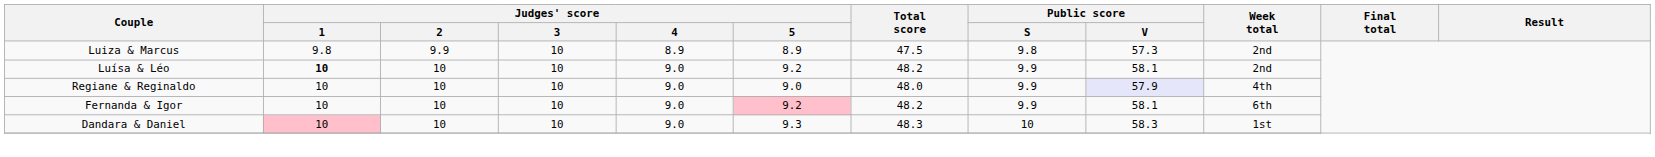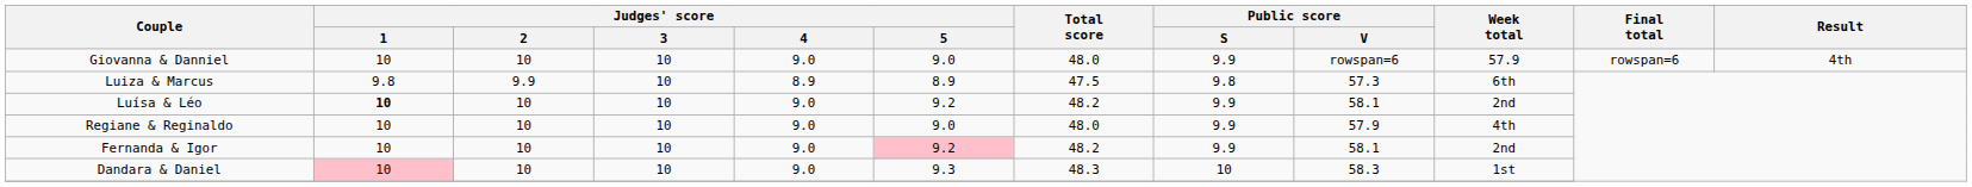 <table class="wikitable" style="font-size:100%; line-height:16px; text-align:center" width="100%">
 <tr>
 <th rowspan=2 width="11.0%">Couple</th>
 <th colspan=5 width="25.0%">Judges' score</th>
 <th rowspan=2 width="05.0%">Total<br>score</th>
 <th colspan=2 width="10.0%">Public score</th>
 <th rowspan=2 width="05.0%">Week<br>total</th>
 <th rowspan=2 width="05.0%">Final<br>total</th>
 <th rowspan=2 width="09.0%">Result</th>
 </tr>
 <tr>
 <th width="05.0%">1</th>
 <th width="05.0%">2</th>
 <th width="05.0%">3</th>
 <th width="05.0%">4</th>
 <th width="05.0%">5</th>
 <th width="05.0%">S</th>
 <th width="05.0%">V</th>
 </tr>
 <tr>
+<td>Giovanna & Danniel</td>
+<td>10</td>
+<td>10</td>
+<td>10</td>
+<td>9.0</td>
+<td>9.0</td>
+<td>48.0</td>
+<td>9.9</td>
+<td>rowspan=6 </td>
+<td>57.9</td>
+<td>rowspan=6 </td>
+<td>4th</td>
+</tr>
+<tr>
 <td>Luiza & Marcus</td>
 <td>9.8</td>
 <td>9.9</td>
 <td>10</td>
 <td>8.9</td>
 <td>8.9</td>
 <td>47.5</td>
 <td>9.8</td>
 <td>57.3</td>
-<td>2nd</td>
+<td>6th</td>
 </tr>
 <tr>
 <td>Luísa & Léo</td>
 <td><strong>10</strong></td>
 <td>10</td>
 <td>10</td>
 <td>9.0</td>
 <td>9.2</td>
 <td>48.2</td>
 <td>9.9</td>
 <td>58.1</td>
 <td>2nd</td>
 </tr>
 <tr>
 <td>Regiane & Reginaldo</td>
 <td>10</td>
 <td>10</td>
 <td>10</td>
 <td>9.0</td>
 <td>9.0</td>
 <td>48.0</td>
 <td>9.9</td>
-<td style="background: lavender;">57.9</td>
+<td>57.9</td>
 <td>4th</td>
 </tr>
 <tr>
 <td>Fernanda & Igor</td>
 <td>10</td>
 <td>10</td>
 <td>10</td>
 <td>9.0</td>
 <td style="background: pink;">9.2</td>
 <td>48.2</td>
 <td>9.9</td>
 <td>58.1</td>
-<td>6th</td>
+<td>2nd</td>
 </tr>
 <tr>
 <td>Dandara & Daniel</td>
 <td style="background: pink;">10</td>
 <td>10</td>
 <td>10</td>
 <td>9.0</td>
 <td>9.3</td>
 <td>48.3</td>
 <td>10</td>
 <td>58.3</td>
 <td>1st</td>
 </tr>
 <tr>
 </tr>
 </table>
